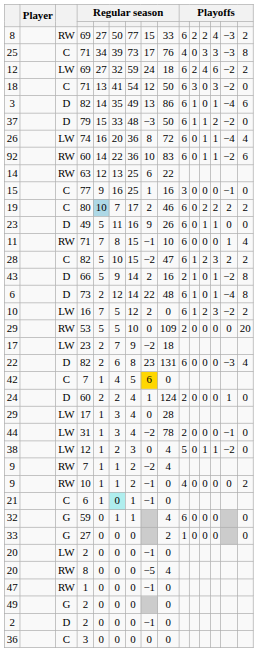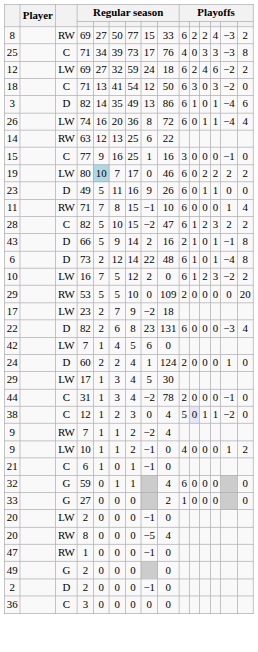 <table class="wikitable sortable plainrowheaders" style="text-align:center;">
 <tr>
 <th scope="col" data-sort-type="number" rowspan="2"></th>
 <th scope="col" rowspan="2">Player</th>
 <th scope="col" rowspan="2"></th>
 <th scope=colgroup colspan=6>Regular season</th>
 <th scope=colgroup colspan=6>Playoffs</th>
 </tr>
 <tr>
 <th scope="col" data-sort-type="number"></th>
 <th scope="col" data-sort-type="number"></th>
 <th scope="col" data-sort-type="number"></th>
 <th scope="col" data-sort-type="number"></th>
 <th scope="col" data-sort-type="number"></th>
 <th scope="col" data-sort-type="number"></th>
 <th scope="col" data-sort-type="number"></th>
 <th scope="col" data-sort-type="number"></th>
 <th scope="col" data-sort-type="number"></th>
 <th scope="col" data-sort-type="number"></th>
 <th scope="col" data-sort-type="number"></th>
 <th scope="col" data-sort-type="number"></th>
 </tr>
 <tr>
 <td scope="row">8</td>
 <td align="left"></td>
 <td>RW</td>
 <td>69</td>
 <td>27</td>
 <td>50</td>
 <td>77</td>
 <td>15</td>
 <td>33</td>
 <td>6</td>
 <td>2</td>
 <td>2</td>
 <td>4</td>
 <td>−3</td>
 <td>2</td>
 </tr>
 <tr>
 <td scope="row">25</td>
 <td align="left"></td>
 <td>C</td>
 <td>71</td>
 <td>34</td>
 <td>39</td>
 <td>73</td>
 <td>17</td>
 <td>76</td>
 <td>4</td>
 <td>0</td>
 <td>3</td>
 <td>3</td>
 <td>−3</td>
 <td>8</td>
 </tr>
 <tr>
 <td scope="row">12</td>
 <td align="left"></td>
 <td>LW</td>
 <td>69</td>
 <td>27</td>
 <td>32</td>
 <td>59</td>
 <td>24</td>
 <td>18</td>
 <td>6</td>
 <td>2</td>
 <td>4</td>
 <td>6</td>
 <td>−2</td>
 <td>2</td>
 </tr>
 <tr>
 <td scope="row">18</td>
 <td align="left"></td>
 <td>C</td>
 <td>71</td>
 <td>13</td>
 <td>41</td>
 <td>54</td>
 <td>12</td>
 <td>50</td>
 <td>6</td>
 <td>3</td>
 <td>0</td>
 <td>3</td>
 <td>−2</td>
 <td>0</td>
 </tr>
 <tr>
 <td scope="row">3</td>
 <td align="left"></td>
 <td>D</td>
 <td>82</td>
 <td>14</td>
 <td>35</td>
 <td>49</td>
 <td>13</td>
 <td>86</td>
 <td>6</td>
 <td>1</td>
 <td>0</td>
 <td>1</td>
 <td>−4</td>
 <td>6</td>
 </tr>
 <tr>
-<td scope="row">37</td>
-<td align="left"></td>
-<td>D</td>
-<td>79</td>
-<td>15</td>
-<td>33</td>
-<td>48</td>
-<td>−3</td>
-<td>50</td>
-<td>6</td>
-<td>1</td>
-<td>1</td>
-<td>2</td>
-<td>−2</td>
-<td>0</td>
-</tr>
-<tr>
 <td scope="row">26</td>
 <td align="left"></td>
 <td>LW</td>
 <td>74</td>
 <td>16</td>
 <td>20</td>
 <td>36</td>
 <td>8</td>
 <td>72</td>
 <td>6</td>
 <td>0</td>
 <td>1</td>
 <td>1</td>
 <td>−4</td>
 <td>4</td>
-</tr>
-<tr>
-<td scope="row">92</td>
-<td align="left"></td>
-<td>RW</td>
-<td>60</td>
-<td>14</td>
-<td>22</td>
-<td>36</td>
-<td>10</td>
-<td>83</td>
-<td>6</td>
-<td>0</td>
-<td>1</td>
-<td>1</td>
-<td>−2</td>
-<td>6</td>
 </tr>
 <tr>
 <td scope="row">14</td>
 <td align="left"></td>
 <td>RW</td>
 <td>63</td>
 <td>12</td>
 <td>13</td>
 <td>25</td>
 <td>6</td>
 <td>22</td>
 <td></td>
 <td></td>
 <td></td>
 <td></td>
 <td></td>
 <td></td>
 </tr>
 <tr>
 <td scope="row">15</td>
 <td align="left"></td>
 <td>C</td>
 <td>77</td>
 <td>9</td>
 <td>16</td>
 <td>25</td>
 <td>1</td>
 <td>16</td>
 <td>3</td>
 <td>0</td>
 <td>0</td>
 <td>0</td>
 <td>−1</td>
 <td>0</td>
 </tr>
 <tr>
 <td scope="row">19</td>
 <td align="left"></td>
-<td>C</td>
+<td>LW</td>
 <td>80</td>
 <td style="background: lightblue;">10</td>
 <td>7</td>
 <td>17</td>
-<td>2</td>
+<td>0</td>
 <td>46</td>
 <td>6</td>
 <td>0</td>
 <td>2</td>
 <td>2</td>
 <td>2</td>
 <td>2</td>
 </tr>
 <tr>
 <td scope="row">23</td>
 <td align="left"></td>
 <td>D</td>
 <td>49</td>
 <td>5</td>
 <td>11</td>
 <td>16</td>
 <td>9</td>
 <td>26</td>
 <td>6</td>
 <td>0</td>
 <td>1</td>
 <td>1</td>
 <td>0</td>
 <td>0</td>
 </tr>
 <tr>
 <td scope="row">11</td>
 <td align="left"></td>
 <td>RW</td>
 <td>71</td>
 <td>7</td>
 <td>8</td>
 <td>15</td>
 <td>−1</td>
 <td>10</td>
 <td>6</td>
 <td>0</td>
 <td>0</td>
 <td>0</td>
 <td>1</td>
 <td>4</td>
 </tr>
 <tr>
 <td scope="row">28</td>
 <td align="left"></td>
 <td>C</td>
 <td>82</td>
 <td>5</td>
 <td>10</td>
 <td>15</td>
 <td>−2</td>
 <td>47</td>
 <td>6</td>
 <td>1</td>
 <td>2</td>
 <td>3</td>
 <td>2</td>
 <td>2</td>
 </tr>
 <tr>
 <td scope="row">43</td>
 <td align="left"></td>
 <td>D</td>
 <td>66</td>
 <td>5</td>
 <td>9</td>
 <td>14</td>
 <td>2</td>
 <td>16</td>
 <td>2</td>
 <td>1</td>
 <td>0</td>
 <td>1</td>
-<td>−2</td>
+<td>−1</td>
 <td>8</td>
 </tr>
 <tr>
 <td scope="row">6</td>
 <td align="left"></td>
 <td>D</td>
 <td>73</td>
 <td>2</td>
 <td>12</td>
 <td>14</td>
 <td>22</td>
 <td>48</td>
 <td>6</td>
 <td>1</td>
 <td>0</td>
 <td>1</td>
 <td>−4</td>
 <td>8</td>
 </tr>
 <tr>
 <td scope="row">10</td>
 <td align="left"></td>
 <td>LW</td>
 <td>16</td>
 <td>7</td>
 <td>5</td>
 <td>12</td>
 <td>2</td>
 <td>0</td>
 <td>6</td>
 <td>1</td>
 <td>2</td>
 <td>3</td>
 <td>−2</td>
 <td>2</td>
 </tr>
 <tr>
 <td scope="row">29</td>
 <td align="left"></td>
 <td>RW</td>
 <td>53</td>
 <td>5</td>
 <td>5</td>
 <td>10</td>
 <td>0</td>
 <td>109</td>
 <td>2</td>
 <td>0</td>
 <td>0</td>
 <td>0</td>
 <td>0</td>
 <td>20</td>
 </tr>
 <tr>
 <td scope="row">17</td>
 <td align="left"></td>
 <td>LW</td>
 <td>23</td>
 <td>2</td>
 <td>7</td>
 <td>9</td>
 <td>−2</td>
 <td>18</td>
 <td></td>
 <td></td>
 <td></td>
 <td></td>
 <td></td>
 <td></td>
 </tr>
 <tr>
 <td scope="row">22</td>
 <td align="left"></td>
 <td>D</td>
 <td>82</td>
 <td>2</td>
 <td>6</td>
 <td>8</td>
 <td>23</td>
 <td>131</td>
 <td>6</td>
 <td>0</td>
 <td>0</td>
 <td>0</td>
 <td>−3</td>
 <td>4</td>
 </tr>
 <tr>
 <td scope="row">42</td>
 <td align="left"></td>
-<td>C</td>
+<td>LW</td>
 <td>7</td>
 <td>1</td>
 <td>4</td>
 <td>5</td>
-<td style="background: gold;">6</td>
+<td>6</td>
 <td>0</td>
 <td></td>
 <td></td>
 <td></td>
 <td></td>
 <td></td>
 <td></td>
 </tr>
 <tr>
 <td scope="row">24</td>
 <td align="left"></td>
 <td>D</td>
 <td>60</td>
 <td>2</td>
 <td>2</td>
 <td>4</td>
 <td>1</td>
 <td>124</td>
 <td>2</td>
 <td>0</td>
 <td>0</td>
 <td>0</td>
 <td>1</td>
 <td>0</td>
 </tr>
 <tr>
 <td scope="row">29</td>
 <td align="left"></td>
 <td>LW</td>
 <td>17</td>
 <td>1</td>
 <td>3</td>
 <td>4</td>
-<td>0</td>
-<td>28</td>
+<td>5</td>
+<td>30</td>
 <td></td>
 <td></td>
 <td></td>
 <td></td>
 <td></td>
 <td></td>
 </tr>
 <tr>
 <td scope="row">44</td>
 <td align="left"></td>
-<td>LW</td>
+<td>C</td>
 <td>31</td>
 <td>1</td>
 <td>3</td>
 <td>4</td>
 <td>−2</td>
 <td>78</td>
 <td>2</td>
 <td>0</td>
 <td>0</td>
 <td>0</td>
 <td>−1</td>
 <td>0</td>
 </tr>
 <tr>
 <td scope="row">38</td>
 <td align="left"></td>
-<td>LW</td>
+<td>C</td>
 <td>12</td>
 <td>1</td>
 <td>2</td>
 <td>3</td>
 <td>0</td>
 <td>4</td>
 <td>5</td>
-<td>0</td>
+<td style="background: lavender;">0</td>
 <td>1</td>
 <td>1</td>
 <td>−2</td>
 <td>0</td>
 </tr>
 <tr>
 <td scope="row">9</td>
 <td align="left"></td>
 <td>RW</td>
 <td>7</td>
 <td>1</td>
 <td>1</td>
 <td>2</td>
 <td>−2</td>
 <td>4</td>
 <td></td>
 <td></td>
 <td></td>
 <td></td>
 <td></td>
 <td></td>
 </tr>
 <tr>
 <td scope="row">9</td>
 <td align="left"></td>
-<td>RW</td>
+<td>LW</td>
 <td>10</td>
 <td>1</td>
 <td>1</td>
 <td>2</td>
 <td>−1</td>
 <td>0</td>
 <td>4</td>
 <td>0</td>
 <td>0</td>
 <td>0</td>
-<td>0</td>
+<td>1</td>
 <td>2</td>
 </tr>
 <tr>
 <td scope="row">21</td>
 <td align="left"></td>
 <td>C</td>
 <td>6</td>
 <td>1</td>
-<td style="background: paleturquoise;">0</td>
+<td>0</td>
 <td>1</td>
 <td>−1</td>
 <td>0</td>
 <td></td>
 <td></td>
 <td></td>
 <td></td>
 <td></td>
 <td></td>
 </tr>
 <tr>
 <td scope="row">32</td>
 <td align="left"></td>
 <td>G</td>
 <td>59</td>
 <td>0</td>
 <td>1</td>
 <td>1</td>
 <td style="background:#ccc"></td>
 <td>4</td>
 <td>6</td>
 <td>0</td>
 <td>0</td>
 <td>0</td>
 <td style="background:#ccc"></td>
 <td>0</td>
 </tr>
 <tr>
 <td scope="row">33</td>
 <td align="left"></td>
 <td>G</td>
 <td>27</td>
 <td>0</td>
 <td>0</td>
 <td>0</td>
 <td style="background:#ccc"></td>
 <td>2</td>
 <td>1</td>
 <td>0</td>
 <td>0</td>
 <td>0</td>
 <td style="background:#ccc"></td>
 <td>0</td>
 </tr>
 <tr>
 <td scope="row">20</td>
 <td align="left"></td>
 <td>LW</td>
 <td>2</td>
 <td>0</td>
 <td>0</td>
 <td>0</td>
 <td>−1</td>
 <td>0</td>
 <td></td>
 <td></td>
 <td></td>
 <td></td>
 <td></td>
 <td></td>
 </tr>
 <tr>
 <td scope="row">20</td>
 <td align="left"></td>
 <td>RW</td>
 <td>8</td>
 <td>0</td>
 <td>0</td>
 <td>0</td>
 <td>−5</td>
 <td>4</td>
 <td></td>
 <td></td>
 <td></td>
 <td></td>
 <td></td>
 <td></td>
 </tr>
 <tr>
 <td scope="row">47</td>
 <td align="left"></td>
 <td>RW</td>
 <td>1</td>
 <td>0</td>
 <td>0</td>
 <td>0</td>
 <td>−1</td>
 <td>0</td>
 <td></td>
 <td></td>
 <td></td>
 <td></td>
 <td></td>
 <td></td>
 </tr>
 <tr>
 <td scope="row">49</td>
 <td align="left"></td>
 <td>G</td>
 <td>2</td>
 <td>0</td>
 <td>0</td>
 <td>0</td>
 <td style="background:#ccc"></td>
 <td>0</td>
 <td></td>
 <td></td>
 <td></td>
 <td></td>
 <td></td>
 <td></td>
 </tr>
 <tr>
 <td scope="row">2</td>
 <td align="left"></td>
 <td>D</td>
 <td>2</td>
 <td>0</td>
 <td>0</td>
 <td>0</td>
 <td>−1</td>
 <td>0</td>
 <td></td>
 <td></td>
 <td></td>
 <td></td>
 <td></td>
 <td></td>
 </tr>
 <tr>
 <td scope="row">36</td>
 <td align="left"></td>
 <td>C</td>
 <td>3</td>
 <td>0</td>
 <td>0</td>
 <td>0</td>
 <td>0</td>
 <td>0</td>
 <td></td>
 <td></td>
 <td></td>
 <td></td>
 <td></td>
 <td></td>
 </tr>
 </table>
